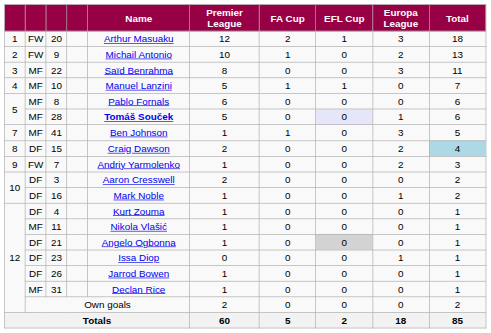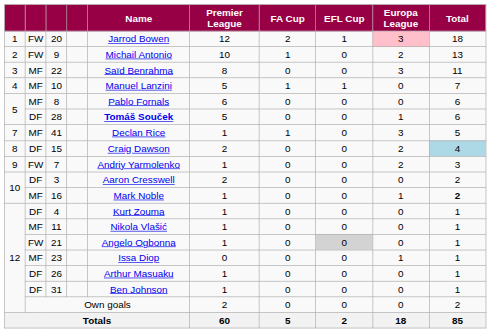 <table class="wikitable sortable" style="font-size: 95%; text-align: center;">
 <tr>
 <th style="width:25px; background:#970045; color:white;"></th>
 <th style="width:25px; background:#970045; color:white;"></th>
 <th style="width:25px; background:#970045; color:white;"></th>
 <th style="width:25px; background:#970045; color:white;"></th>
 <th style="width:150px; background:#970045; color:white;">Name</th>
 <th style="width:100px; background:#970045; color:white;">Premier League</th>
 <th style="width:80px; background:#970045; color:white;">FA Cup</th>
 <th style="width:80px; background:#970045; color:white;">EFL Cup</th>
 <th style="width:80px; background:#970045; color:white;">Europa League</th>
 <th style="width:80px; background:#970045; color:white;">Total</th>
 </tr>
 <tr>
 <td rowspan=1>1</td>
 <td>FW</td>
 <td>20</td>
 <td></td>
-<td data-sort-value="Masuaku, Arthur"><a href='#'>Arthur Masuaku</a></td>
+<td data-sort-value="Bowen, Jarrod"><a href='#'>Jarrod Bowen</a></td>
 <td>12</td>
 <td>2</td>
 <td>1</td>
-<td>3</td>
+<td style="background: pink;">3</td>
 <td>18</td>
 </tr>
 <tr>
 <td rowspan=1>2</td>
 <td>FW</td>
 <td>9</td>
 <td></td>
 <td data-sort-value="Antonio, Michail"><a href='#'>Michail Antonio</a></td>
 <td>10</td>
 <td>1</td>
 <td>0</td>
 <td>2</td>
 <td>13</td>
 </tr>
 <tr>
 <td rowspan=1>3</td>
 <td>MF</td>
 <td>22</td>
 <td></td>
 <td data-sort-value="Benrahma, Saïd"><a href='#'>Saïd Benrahma</a></td>
 <td>8</td>
 <td>0</td>
 <td>0</td>
 <td>3</td>
 <td>11</td>
 </tr>
 <tr>
 <td rowspan=1>4</td>
 <td>MF</td>
 <td>10</td>
 <td></td>
 <td data-sort-value="Lanzini, Manuel"><a href='#'>Manuel Lanzini</a></td>
 <td>5</td>
 <td>1</td>
 <td>1</td>
 <td>0</td>
 <td>7</td>
 </tr>
 <tr>
 <td rowspan=2>5</td>
 <td>MF</td>
 <td>8</td>
 <td></td>
 <td data-sort-value=“Fornals, Pablo”><a href='#'>Pablo Fornals</a></td>
 <td>6</td>
 <td>0</td>
 <td>0</td>
 <td>0</td>
 <td>6</td>
 </tr>
 <tr>
-<td>MF</td>
+<td>DF</td>
 <td>28</td>
 <td></td>
 <td data-sort-value="Souček, Tomáš"><strong><a href='#'>Tomáš Souček</a></strong></td>
 <td>5</td>
 <td>0</td>
-<td style="background: lavender;">0</td>
+<td>0</td>
 <td>1</td>
 <td>6</td>
 </tr>
 <tr>
 <td rowspan=1>7</td>
 <td>MF</td>
 <td>41</td>
 <td></td>
-<td data-sort-value="Johnson, Ben"><a href='#'>Ben Johnson</a></td>
+<td data-sort-value="Rice, Declan"><a href='#'>Declan Rice</a></td>
 <td>1</td>
 <td>1</td>
 <td>0</td>
 <td>3</td>
 <td>5</td>
 </tr>
 <tr>
 <td rowspan=1>8</td>
 <td>DF</td>
 <td>15</td>
 <td></td>
 <td data-sort-value="Dawson, Craig"><a href='#'>Craig Dawson</a></td>
 <td>2</td>
 <td>0</td>
 <td>0</td>
 <td>2</td>
 <td style="background: lightblue;">4</td>
 </tr>
 <tr>
 <td rowspan=1>9</td>
 <td>FW</td>
 <td>7</td>
 <td></td>
 <td data-sort-value="Yarmolenko, Andriy"><a href='#'>Andriy Yarmolenko</a></td>
 <td>1</td>
 <td>0</td>
 <td>0</td>
 <td>2</td>
 <td>3</td>
 </tr>
 <tr>
 <td rowspan=2>10</td>
 <td>DF</td>
 <td>3</td>
 <td></td>
 <td data-sort-value="Cresswell, Aaron"><a href='#'>Aaron Cresswell</a></td>
 <td>2</td>
 <td>0</td>
 <td>0</td>
 <td>0</td>
 <td>2</td>
 </tr>
 <tr>
-<td>DF</td>
+<td>MF</td>
 <td>16</td>
 <td></td>
 <td data-sort-value="Noble, Mark"><a href='#'>Mark Noble</a></td>
 <td>1</td>
 <td>0</td>
 <td>0</td>
 <td>1</td>
-<td>2</td>
+<td><strong>2</strong></td>
 </tr>
 <tr>
 <td rowspan=7>12</td>
 <td>DF</td>
 <td>4</td>
 <td></td>
 <td data-sort-value="Zouma, Kurt"><a href='#'>Kurt Zouma</a></td>
 <td>1</td>
 <td>0</td>
 <td>0</td>
 <td>0</td>
 <td>1</td>
 </tr>
 <tr>
 <td>MF</td>
 <td>11</td>
 <td></td>
 <td data-sort-value="Vlašić, Nikola"><a href='#'>Nikola Vlašić</a></td>
 <td>1</td>
 <td>0</td>
 <td>0</td>
 <td>0</td>
 <td>1</td>
 </tr>
 <tr>
-<td>DF</td>
+<td>FW</td>
 <td>21</td>
 <td></td>
 <td data-sort-value="Ogbonna, Angelo"><a href='#'>Angelo Ogbonna</a></td>
 <td>1</td>
 <td>0</td>
 <td style="background: lightgrey;">0</td>
 <td>0</td>
 <td>1</td>
 </tr>
 <tr>
-<td>DF</td>
+<td>MF</td>
 <td>23</td>
 <td></td>
 <td data-sort-value="Diop, Issa"><a href='#'>Issa Diop</a></td>
 <td>0</td>
 <td>0</td>
 <td>0</td>
 <td>1</td>
 <td>1</td>
 </tr>
 <tr>
 <td>DF</td>
 <td>26</td>
 <td></td>
-<td data-sort-value="Bowen, Jarrod"><a href='#'>Jarrod Bowen</a></td>
+<td data-sort-value="Masuaku, Arthur"><a href='#'>Arthur Masuaku</a></td>
 <td>1</td>
 <td>0</td>
 <td>0</td>
 <td>0</td>
 <td>1</td>
 </tr>
 <tr>
-<td>MF</td>
+<td>DF</td>
 <td>31</td>
 <td></td>
-<td data-sort-value="Rice, Declan"><a href='#'>Declan Rice</a></td>
+<td data-sort-value="Johnson, Ben"><a href='#'>Ben Johnson</a></td>
 <td>1</td>
 <td>0</td>
 <td>0</td>
 <td>0</td>
 <td>1</td>
 </tr>
 <tr>
 <td colspan="4">Own goals</td>
 <td>2</td>
 <td>0</td>
 <td>0</td>
 <td>0</td>
 <td>2</td>
 </tr>
 <tr class="sortbottom">
 <th colspan=5>Totals</th>
 <th>60</th>
 <th>5</th>
 <th>2</th>
 <th>18</th>
 <th>85</th>
 </tr>
 </table>
